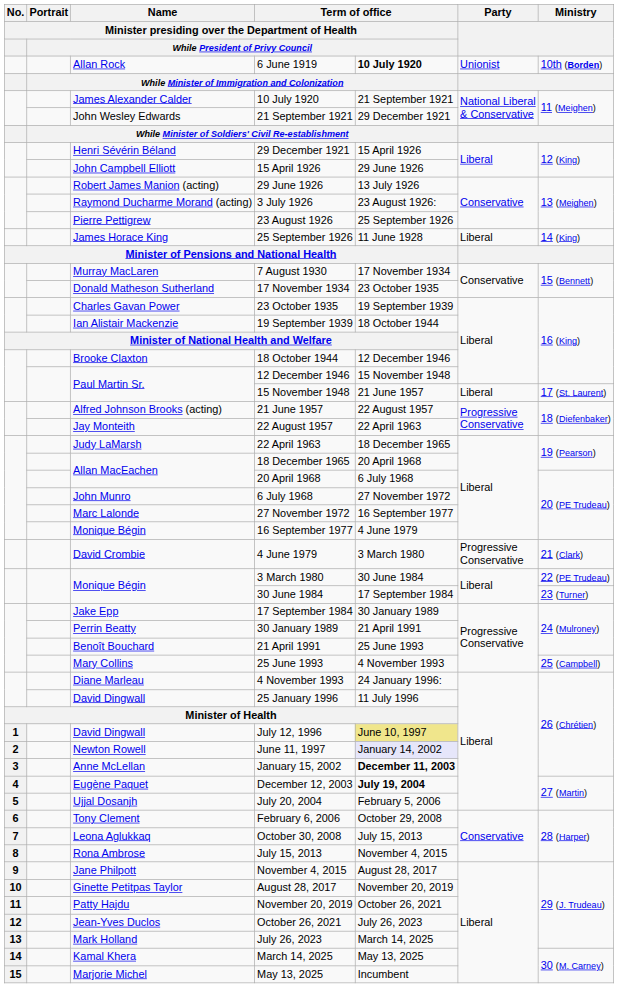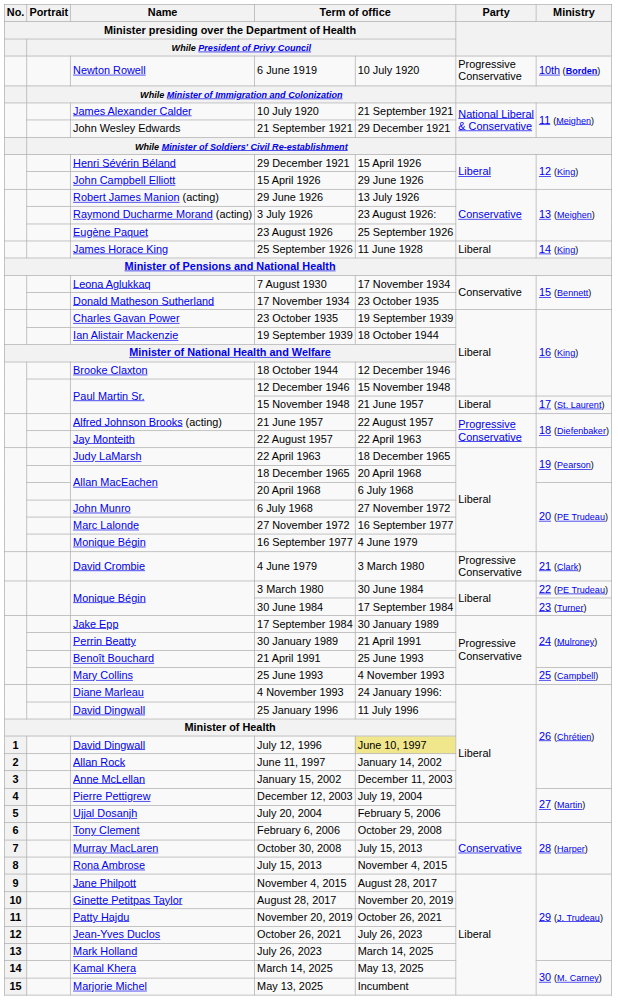 <table class="wikitable">
 <tr>
 <th>No.</th>
 <th>Portrait</th>
 <th>Name</th>
 <th colspan=2>Term of office</th>
 <th>Party</th>
 <th>Ministry</th>
 </tr>
 <tr>
 <th colspan = 5>Minister presiding over the Department of Health</th>
 <th colspan=2; rowspan=2></th>
 </tr>
 <tr>
 <th></th>
 <th colspan= 4><small><em>While <a href='#'>President of Privy Council</a></em></small></th>
 </tr>
 <tr>
 <td style="background:"></td>
 <td></td>
-<td><a href='#'>Allan Rock</a></td>
+<td><a href='#'>Newton Rowell</a></td>
 <td>6 June 1919</td>
-<td><strong>10 July 1920</strong></td>
-<td><a href='#'>Unionist</a></td>
+<td>10 July 1920</td>
+<td>Progressive<br>Conservative</td>
 <td><a href='#'>10th</a><small> (<a href='#'><strong>Borden</strong></a>)</small></td>
 </tr>
 <tr>
 <th></th>
 <th colspan=4><small><em>While <a href='#'>Minister of Immigration and Colonization</a></em></small></th>
 <th colspan=2></th>
 </tr>
 <tr>
 <td rowspan=2; style="background:"></td>
 <td></td>
 <td><a href='#'>James Alexander Calder</a></td>
 <td>10 July 1920</td>
 <td>21 September 1921</td>
 <td rowspan=2><a href='#'>National Liberal<br>& Conservative</a></td>
 <td rowspan=2><a href='#'>11</a> <small>(<a href='#'>Meighen</a>)</small></td>
 </tr>
 <tr>
 <td></td>
 <td>John Wesley Edwards</td>
 <td>21 September 1921</td>
 <td>29 December 1921</td>
 </tr>
 <tr>
 <th></th>
 <th colspan=4><small><em>While <a href='#'>Minister of Soldiers' Civil Re-establishment</a></em></small></th>
 <th colspan=2></th>
 </tr>
 <tr>
 <td rowspan=2; style="background:"></td>
 <td></td>
 <td><a href='#'>Henri Sévérin Béland</a></td>
 <td>29 December 1921</td>
 <td>15 April 1926</td>
 <td rowspan=2><a href='#'>Liberal</a></td>
 <td rowspan=2><a href='#'>12</a> <small>(<a href='#'>King</a>)</small></td>
 </tr>
 <tr>
 <td></td>
 <td><a href='#'>John Campbell Elliott</a></td>
 <td>15 April 1926</td>
 <td>29 June 1926</td>
 </tr>
 <tr>
 <td rowspan=3; style="background:"></td>
 <td></td>
 <td><a href='#'>Robert James Manion</a> (acting)</td>
 <td>29 June 1926</td>
 <td>13 July 1926</td>
 <td rowspan=3><a href='#'>Conservative</a></td>
 <td rowspan=3><a href='#'>13</a> <small>(<a href='#'>Meighen</a>)</small></td>
 </tr>
 <tr>
 <td></td>
 <td><a href='#'>Raymond Ducharme Morand</a> (acting)</td>
 <td>3 July 1926</td>
 <td>23 August 1926:</td>
 </tr>
 <tr>
 <td></td>
-<td><a href='#'>Pierre Pettigrew</a></td>
+<td><a href='#'>Eugène Paquet</a></td>
 <td>23 August 1926</td>
 <td>25 September 1926</td>
 </tr>
 <tr>
 <td style="background:"></td>
 <td></td>
 <td><a href='#'>James Horace King</a></td>
 <td>25 September 1926</td>
 <td>11 June 1928</td>
 <td>Liberal</td>
 <td><a href='#'>14</a> <small>(<a href='#'>King</a>)</small></td>
 </tr>
 <tr>
 <th colspan=5><a href='#'>Minister of Pensions and National Health</a></th>
 <th colspan=2></th>
 </tr>
 <tr>
 <td rowspan=2; style="background:"></td>
 <td></td>
-<td><a href='#'>Murray MacLaren</a></td>
+<td><a href='#'>Leona Aglukkaq</a></td>
 <td>7 August 1930</td>
 <td>17 November 1934</td>
 <td rowspan=2>Conservative</td>
 <td rowspan=2><a href='#'>15</a> <small>(<a href='#'>Bennett</a>)</small></td>
 </tr>
 <tr>
 <td></td>
 <td><a href='#'>Donald Matheson Sutherland</a></td>
 <td>17 November 1934</td>
 <td>23 October 1935</td>
 </tr>
 <tr>
 <td rowspan=2; style="background:"></td>
 <td></td>
 <td><a href='#'>Charles Gavan Power</a></td>
 <td>23 October 1935</td>
 <td>19 September 1939</td>
 <td rowspan=5>Liberal</td>
 <td rowspan=5><a href='#'>16</a> <small>(<a href='#'>King</a>)</small></td>
 </tr>
 <tr>
 <td></td>
 <td><a href='#'>Ian Alistair Mackenzie</a></td>
 <td>19 September 1939</td>
 <td>18 October 1944</td>
 </tr>
 <tr>
 <th colspan=5><a href='#'>Minister of National Health and Welfare</a></th>
 </tr>
 <tr>
 <td rowspan=3; style="background:"></td>
 <td></td>
 <td><a href='#'>Brooke Claxton</a></td>
 <td>18 October 1944</td>
 <td>12 December 1946</td>
 </tr>
 <tr>
 <td rowspan=2></td>
 <td rowspan=2><a href='#'>Paul Martin Sr.</a></td>
 <td>12 December 1946</td>
 <td>15 November 1948</td>
 </tr>
 <tr>
 <td>15 November 1948</td>
 <td>21 June 1957</td>
 <td>Liberal</td>
 <td><a href='#'>17</a> <small>(<a href='#'>St. Laurent</a>)</small></td>
 </tr>
 <tr>
 <td rowspan=2; style="background:"></td>
 <td></td>
 <td><a href='#'>Alfred Johnson Brooks</a> (acting)</td>
 <td>21 June 1957</td>
 <td>22 August 1957</td>
 <td rowspan=2><a href='#'>Progressive<br>Conservative</a></td>
 <td rowspan=2><a href='#'>18</a> <small>(<a href='#'>Diefenbaker</a>)</small></td>
 </tr>
 <tr>
 <td></td>
 <td><a href='#'>Jay Monteith</a></td>
 <td>22 August 1957</td>
 <td>22 April 1963</td>
 </tr>
 <tr>
 <td rowspan=6; style="background:"></td>
 <td></td>
 <td><a href='#'>Judy LaMarsh</a></td>
 <td>22 April 1963</td>
 <td>18 December 1965</td>
 <td rowspan=6>Liberal</td>
 <td rowspan=2><a href='#'>19</a> <small>(<a href='#'>Pearson</a>)</small></td>
 </tr>
 <tr>
 <td></td>
 <td rowspan=2><a href='#'>Allan MacEachen</a></td>
 <td>18 December 1965</td>
 <td>20 April 1968</td>
 </tr>
 <tr>
 <td></td>
 <td>20 April 1968</td>
 <td>6 July 1968</td>
 <td rowspan=4><a href='#'>20</a> <small>(<a href='#'>PE Trudeau</a>)</small></td>
 </tr>
 <tr>
 <td></td>
 <td><a href='#'>John Munro</a></td>
 <td>6 July 1968</td>
 <td>27 November 1972</td>
 </tr>
 <tr>
 <td></td>
 <td><a href='#'>Marc Lalonde</a></td>
 <td>27 November 1972</td>
 <td>16 September 1977</td>
 </tr>
 <tr>
 <td></td>
 <td><a href='#'>Monique Bégin</a></td>
 <td>16 September 1977</td>
 <td>4 June 1979</td>
 </tr>
 <tr>
 <td style="background:"></td>
 <td></td>
 <td><a href='#'>David Crombie</a></td>
 <td>4 June 1979</td>
 <td>3 March 1980</td>
 <td>Progressive<br>Conservative</td>
 <td><a href='#'>21</a> <small>(<a href='#'>Clark</a>)</small></td>
 </tr>
 <tr>
 <td rowspan=2; style="background:"></td>
 <td rowspan=2></td>
 <td rowspan=2><a href='#'>Monique Bégin</a></td>
 <td>3 March 1980</td>
 <td>30 June 1984</td>
 <td rowspan=2>Liberal</td>
 <td><a href='#'>22</a> <small>(<a href='#'>PE Trudeau</a>)</small></td>
 </tr>
 <tr>
 <td>30 June 1984</td>
 <td>17 September 1984</td>
 <td><a href='#'>23</a> <small>(<a href='#'>Turner</a>)</small></td>
 </tr>
 <tr>
 <td rowspan=4; style="background:"></td>
 <td></td>
 <td><a href='#'>Jake Epp</a></td>
 <td>17 September 1984</td>
 <td>30 January 1989</td>
 <td rowspan=4>Progressive<br>Conservative</td>
 <td rowspan=3><a href='#'>24</a> <small>(<a href='#'>Mulroney</a>)</small></td>
 </tr>
 <tr>
 <td></td>
 <td><a href='#'>Perrin Beatty</a></td>
 <td>30 January 1989</td>
 <td>21 April 1991</td>
 </tr>
 <tr>
 <td></td>
 <td><a href='#'>Benoît Bouchard</a></td>
 <td>21 April 1991</td>
 <td>25 June 1993</td>
 </tr>
 <tr>
 <td></td>
 <td><a href='#'>Mary Collins</a></td>
 <td>25 June 1993</td>
 <td>4 November 1993</td>
 <td><a href='#'>25</a> <small>(<a href='#'>Campbell</a>)</small></td>
 </tr>
 <tr>
 <td rowspan=2; style="background:"></td>
 <td></td>
 <td><a href='#'>Diane Marleau</a></td>
 <td>4 November 1993</td>
 <td>24 January 1996:</td>
 <td rowspan=8>Liberal</td>
 <td rowspan=6><a href='#'>26</a> <small>(<a href='#'>Chrétien</a>)</small></td>
 </tr>
 <tr>
 <td></td>
 <td><a href='#'>David Dingwall</a></td>
 <td>25 January 1996</td>
 <td>11 July 1996</td>
 </tr>
 <tr>
 <th colspan=5>Minister of Health</th>
 </tr>
 <tr>
 <th style="background:">1</th>
 <td></td>
 <td><a href='#'>David Dingwall</a></td>
 <td>July 12, 1996</td>
 <td style="background: khaki;">June 10, 1997</td>
 </tr>
 <tr>
 <th style="background:">2</th>
 <td></td>
-<td><a href='#'>Newton Rowell</a></td>
+<td><a href='#'>Allan Rock</a></td>
 <td>June 11, 1997</td>
-<td style="background: lavender;">January 14, 2002</td>
+<td>January 14, 2002</td>
 </tr>
 <tr>
 <th style="background:">3</th>
 <td></td>
 <td><a href='#'>Anne McLellan</a></td>
 <td>January 15, 2002</td>
-<td><strong>December 11, 2003</strong></td>
+<td>December 11, 2003</td>
 </tr>
 <tr>
 <th style="background:">4</th>
 <td></td>
-<td><a href='#'>Eugène Paquet</a></td>
+<td><a href='#'>Pierre Pettigrew</a></td>
 <td>December 12, 2003</td>
-<td><strong>July 19, 2004</strong></td>
+<td>July 19, 2004</td>
 <td rowspan=2><a href='#'>27</a> <small>(<a href='#'>Martin</a>)</small></td>
 </tr>
 <tr>
 <th style="background:">5</th>
 <td></td>
 <td><a href='#'>Ujjal Dosanjh</a></td>
 <td>July 20, 2004</td>
 <td>February 5, 2006</td>
 </tr>
 <tr>
 <th style="background:">6</th>
 <td></td>
 <td><a href='#'>Tony Clement</a></td>
 <td>February 6, 2006</td>
 <td>October 29, 2008</td>
 <td rowspan=3><a href='#'>Conservative</a></td>
 <td rowspan=3><a href='#'>28</a> <small>(<a href='#'>Harper</a>)</small></td>
 </tr>
 <tr>
 <th style="background:">7</th>
 <td></td>
-<td><a href='#'>Leona Aglukkaq</a></td>
+<td><a href='#'>Murray MacLaren</a></td>
 <td>October 30, 2008</td>
 <td>July 15, 2013</td>
 </tr>
 <tr>
 <th style="background:">8</th>
 <td></td>
 <td><a href='#'>Rona Ambrose</a></td>
 <td>July 15, 2013</td>
 <td>November 4, 2015</td>
 </tr>
 <tr>
 <th style="background:">9</th>
 <td></td>
 <td><a href='#'>Jane Philpott</a></td>
 <td>November 4, 2015</td>
 <td>August 28, 2017</td>
 <td rowspan=7>Liberal</td>
 <td rowspan=5><a href='#'>29</a> <small>(<a href='#'>J. Trudeau</a>)</small></td>
 </tr>
 <tr>
 <th style="background:">10</th>
 <td></td>
 <td><a href='#'>Ginette Petitpas Taylor</a></td>
 <td>August 28, 2017</td>
 <td>November 20, 2019</td>
 </tr>
 <tr>
 <th style="background:">11</th>
 <td></td>
 <td><a href='#'>Patty Hajdu</a></td>
 <td>November 20, 2019</td>
 <td>October 26, 2021</td>
 </tr>
 <tr>
 <th style="background:">12</th>
 <td></td>
 <td><a href='#'>Jean-Yves Duclos</a></td>
 <td>October 26, 2021</td>
 <td>July 26, 2023</td>
 </tr>
 <tr>
 <th style="background:">13</th>
 <td></td>
 <td><a href='#'>Mark Holland</a></td>
 <td>July 26, 2023</td>
 <td>March 14, 2025</td>
 </tr>
 <tr>
 <th style="background:">14</th>
 <td></td>
 <td><a href='#'>Kamal Khera</a></td>
 <td>March 14, 2025</td>
 <td>May 13, 2025</td>
 <td rowspan=2><a href='#'>30</a> <small>(<a href='#'>M. Carney</a>)</small></td>
 </tr>
 <tr>
 <th style="background:">15</th>
 <td></td>
 <td><a href='#'>Marjorie Michel</a></td>
 <td>May 13, 2025</td>
 <td>Incumbent</td>
 </tr>
 </table>
